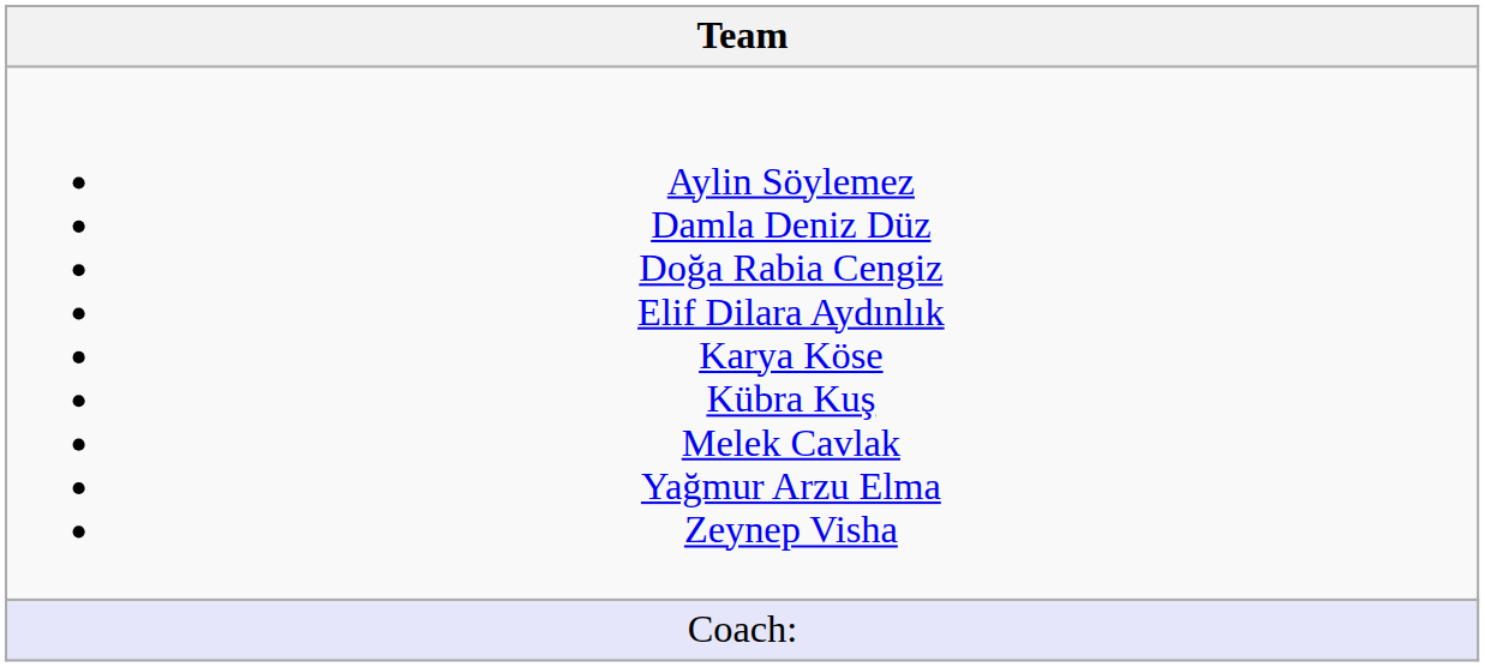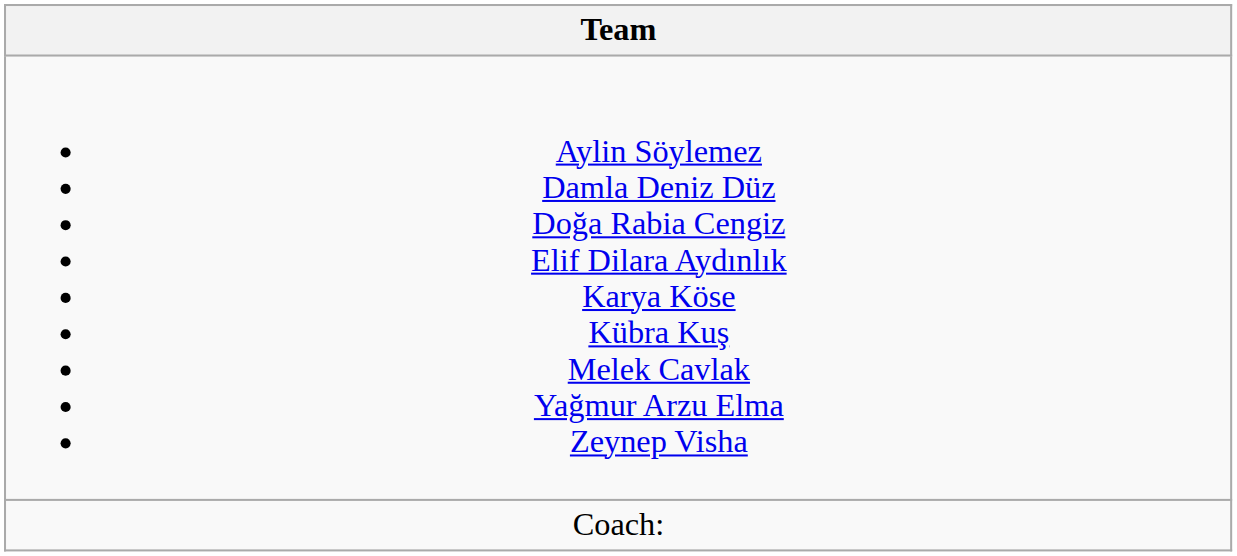 <table class="wikitable" style="text-align: center;">
 <tr>
 <th width=600>Team</th>
 </tr>
 <tr>
 <td><br><ul><li><a href='#'>Aylin Söylemez</a></li><li><a href='#'>Damla Deniz Düz</a></li><li><a href='#'>Doğa Rabia Cengiz</a></li><li><a href='#'>Elif Dilara Aydınlık</a></li><li><a href='#'>Karya Köse</a></li><li><a href='#'>Kübra Kuş</a></li><li><a href='#'>Melek Cavlak</a></li><li><a href='#'>Yağmur Arzu Elma</a></li><li><a href='#'>Zeynep Visha</a></li></ul></td>
 </tr>
 <tr>
-<td style="background: lavender;">Coach:</td>
+<td>Coach:</td>
 </tr>
 </table>
